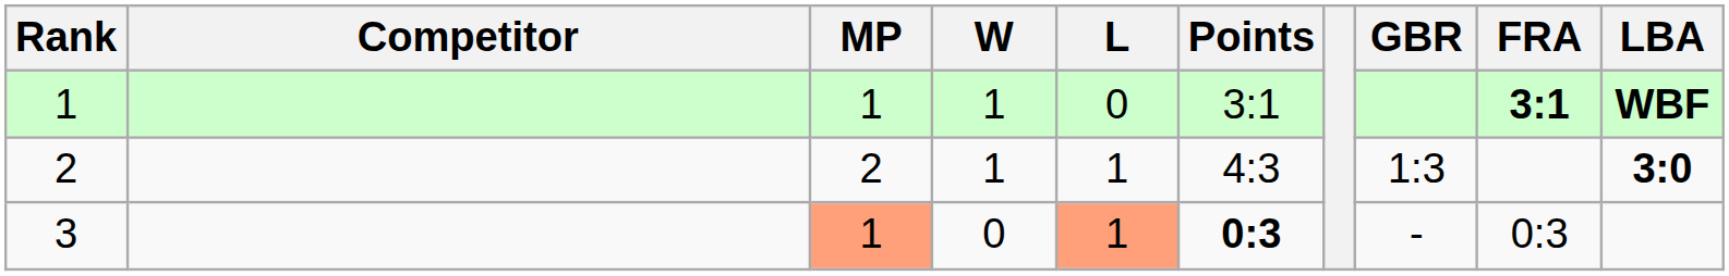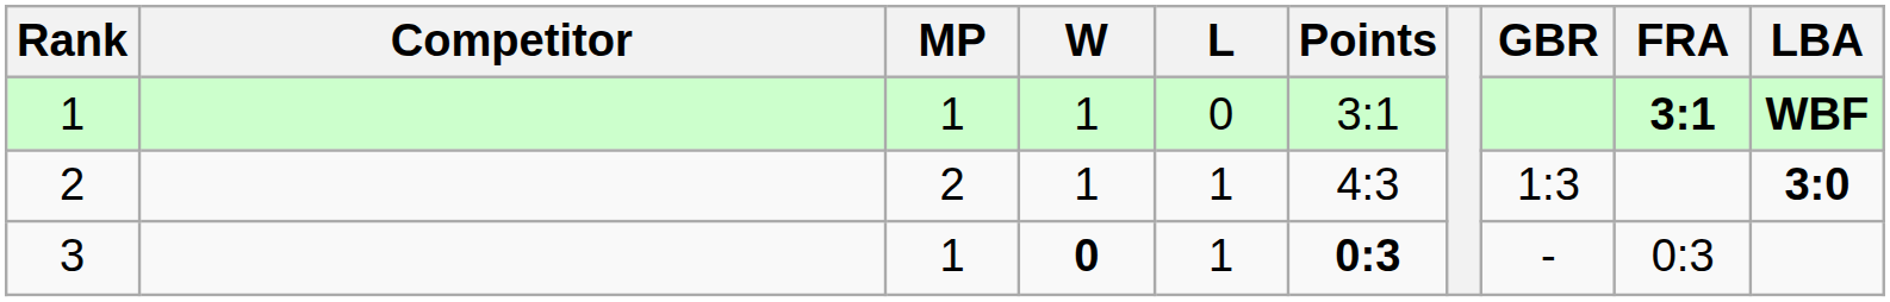 <table class="wikitable" style="text-align:center">
 <tr>
 <th>Rank</th>
 <th style="width:16em">Competitor</th>
 <th style="width:2.5em">MP</th>
 <th style="width:2.5em">W</th>
 <th style="width:2.5em">L</th>
 <th>Points</th>
 <th rowspan="4"> </th>
 <th style="width:2.5em">GBR</th>
 <th style="width:2.5em">FRA</th>
 <th style="width:2.5em">LBA</th>
 </tr>
 <tr style="background:#cfc;">
 <td>1</td>
 <td style="text-align:left"></td>
 <td>1</td>
 <td>1</td>
 <td>0</td>
 <td>3:1</td>
 <td></td>
 <td><strong>3:1</strong></td>
 <td><strong>WBF</strong></td>
 </tr>
 <tr>
 <td>2</td>
 <td style="text-align:left"></td>
 <td>2</td>
 <td>1</td>
 <td>1</td>
 <td>4:3</td>
 <td>1:3</td>
 <td></td>
 <td><strong>3:0</strong></td>
 </tr>
 <tr>
 <td>3</td>
 <td style="text-align:left"></td>
-<td style="background: lightsalmon;">1</td>
-<td>0</td>
-<td style="background: lightsalmon;">1</td>
+<td>1</td>
+<td><strong>0</strong></td>
+<td>1</td>
 <td><strong>0:3</strong></td>
 <td>-</td>
 <td>0:3</td>
 <td></td>
 </tr>
 </table>
